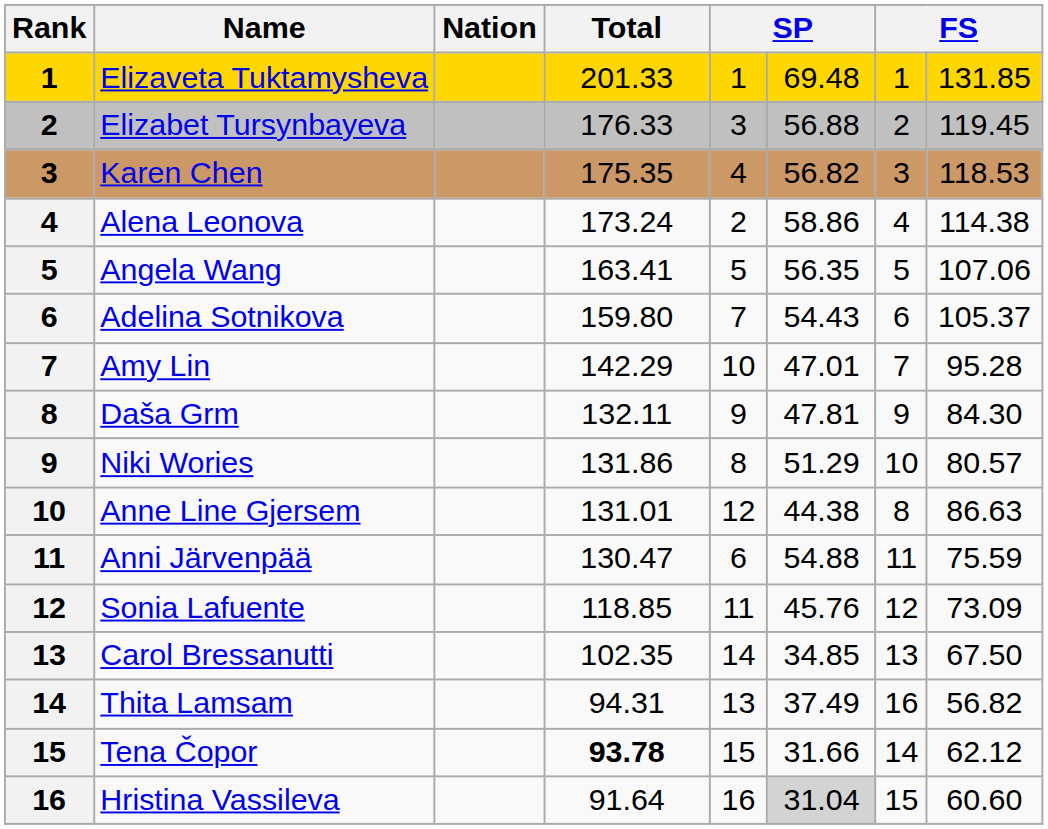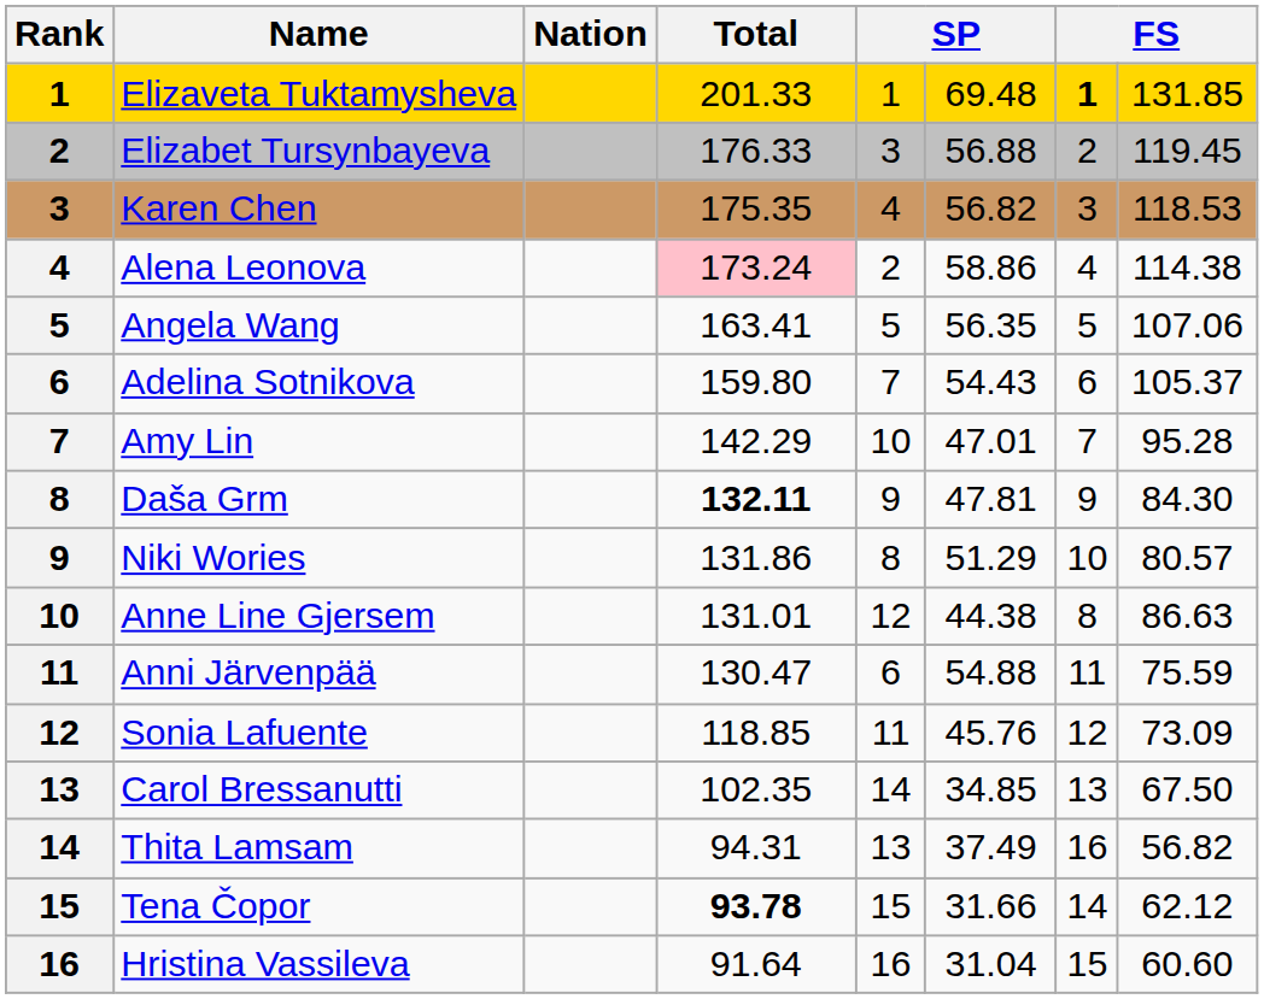 <table class="wikitable sortable">
 <tr>
 <th>Rank</th>
 <th>Name</th>
 <th>Nation</th>
 <th width="80px">Total</th>
 <th colspan="2" width="80px"><a href='#'>SP</a></th>
 <th colspan="2" width="80px"><a href='#'>FS</a></th>
 </tr>
 <tr bgcolor="gold">
 <td align="center"><strong>1</strong></td>
 <td><a href='#'>Elizaveta Tuktamysheva</a></td>
 <td></td>
 <td align="center">201.33</td>
 <td align="center">1</td>
 <td align="center">69.48</td>
-<td align="center">1</td>
+<td align="center"><strong>1</strong></td>
 <td align="center">131.85</td>
 </tr>
 <tr bgcolor="silver">
 <td align="center"><strong>2</strong></td>
 <td><a href='#'>Elizabet Tursynbayeva</a></td>
 <td></td>
 <td align="center">176.33</td>
 <td align="center">3</td>
 <td align="center">56.88</td>
 <td align="center">2</td>
 <td align="center">119.45</td>
 </tr>
 <tr bgcolor="cc9966">
 <td align="center"><strong>3</strong></td>
 <td><a href='#'>Karen Chen</a></td>
 <td></td>
 <td align="center">175.35</td>
 <td align="center">4</td>
 <td align="center">56.82</td>
 <td align="center">3</td>
 <td align="center">118.53</td>
 </tr>
 <tr>
 <th>4</th>
 <td><a href='#'>Alena Leonova</a></td>
 <td></td>
-<td align="center">173.24</td>
+<td align="center" style="background: pink;">173.24</td>
 <td align="center">2</td>
 <td align="center">58.86</td>
 <td align="center">4</td>
 <td align="center">114.38</td>
 </tr>
 <tr>
 <th>5</th>
 <td><a href='#'>Angela Wang</a></td>
 <td></td>
 <td align="center">163.41</td>
 <td align="center">5</td>
 <td align="center">56.35</td>
 <td align="center">5</td>
 <td align="center">107.06</td>
 </tr>
 <tr>
 <th>6</th>
 <td><a href='#'>Adelina Sotnikova</a></td>
 <td></td>
 <td align="center">159.80</td>
 <td align="center">7</td>
 <td align="center">54.43</td>
 <td align="center">6</td>
 <td align="center">105.37</td>
 </tr>
 <tr>
 <th>7</th>
 <td><a href='#'>Amy Lin</a></td>
 <td></td>
 <td align="center">142.29</td>
 <td align="center">10</td>
 <td align="center">47.01</td>
 <td align="center">7</td>
 <td align="center">95.28</td>
 </tr>
 <tr>
 <th>8</th>
 <td><a href='#'>Daša Grm</a></td>
 <td></td>
-<td align="center">132.11</td>
+<td align="center"><strong>132.11</strong></td>
 <td align="center">9</td>
 <td align="center">47.81</td>
 <td align="center">9</td>
 <td align="center">84.30</td>
 </tr>
 <tr>
 <th>9</th>
 <td><a href='#'>Niki Wories</a></td>
 <td></td>
 <td align="center">131.86</td>
 <td align="center">8</td>
 <td align="center">51.29</td>
 <td align="center">10</td>
 <td align="center">80.57</td>
 </tr>
 <tr>
 <th>10</th>
 <td><a href='#'>Anne Line Gjersem</a></td>
 <td></td>
 <td align="center">131.01</td>
 <td align="center">12</td>
 <td align="center">44.38</td>
 <td align="center">8</td>
 <td align="center">86.63</td>
 </tr>
 <tr>
 <th>11</th>
 <td><a href='#'>Anni Järvenpää</a></td>
 <td></td>
 <td align="center">130.47</td>
 <td align="center">6</td>
 <td align="center">54.88</td>
 <td align="center">11</td>
 <td align="center">75.59</td>
 </tr>
 <tr>
 <th>12</th>
 <td><a href='#'>Sonia Lafuente</a></td>
 <td></td>
 <td align="center">118.85</td>
 <td align="center">11</td>
 <td align="center">45.76</td>
 <td align="center">12</td>
 <td align="center">73.09</td>
 </tr>
 <tr>
 <th>13</th>
 <td><a href='#'>Carol Bressanutti</a></td>
 <td></td>
 <td align="center">102.35</td>
 <td align="center">14</td>
 <td align="center">34.85</td>
 <td align="center">13</td>
 <td align="center">67.50</td>
 </tr>
 <tr>
 <th>14</th>
 <td><a href='#'>Thita Lamsam</a></td>
 <td></td>
 <td align="center">94.31</td>
 <td align="center">13</td>
 <td align="center">37.49</td>
 <td align="center">16</td>
 <td align="center">56.82</td>
 </tr>
 <tr>
 <th>15</th>
 <td><a href='#'>Tena Čopor</a></td>
 <td></td>
 <td align="center"><strong>93.78</strong></td>
 <td align="center">15</td>
 <td align="center">31.66</td>
 <td align="center">14</td>
 <td align="center">62.12</td>
 </tr>
 <tr>
 <th>16</th>
 <td><a href='#'>Hristina Vassileva</a></td>
 <td></td>
 <td align="center">91.64</td>
 <td align="center">16</td>
-<td align="center" style="background: lightgrey;">31.04</td>
+<td align="center">31.04</td>
 <td align="center">15</td>
 <td align="center">60.60</td>
 </tr>
 </table>
